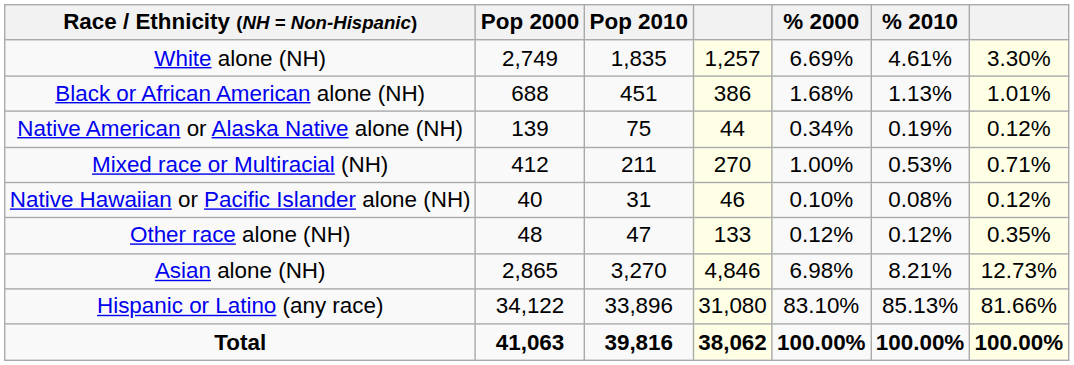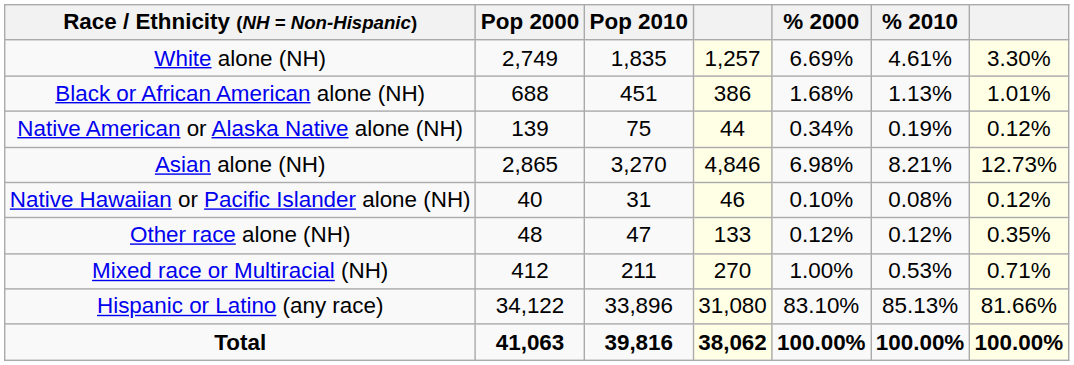 <table class="wikitable" style="text-align:center;">
 <tr>
 <th>Race / Ethnicity <small>(<em>NH = Non-Hispanic</em>)</small></th>
 <th>Pop 2000</th>
 <th>Pop 2010</th>
 <th></th>
 <th>% 2000</th>
 <th>% 2010</th>
 <th></th>
 </tr>
 <tr>
 <td><a href='#'>White</a> alone (NH)</td>
 <td>2,749</td>
 <td>1,835</td>
 <td style='background: #ffffe6;'>1,257</td>
 <td>6.69%</td>
 <td>4.61%</td>
 <td style='background: #ffffe6;'>3.30%</td>
 </tr>
 <tr>
 <td><a href='#'>Black or African American</a> alone (NH)</td>
 <td>688</td>
 <td>451</td>
 <td style='background: #ffffe6;'>386</td>
 <td>1.68%</td>
 <td>1.13%</td>
 <td style='background: #ffffe6;'>1.01%</td>
 </tr>
 <tr>
 <td><a href='#'>Native American</a> or <a href='#'>Alaska Native</a> alone (NH)</td>
 <td>139</td>
 <td>75</td>
 <td style='background: #ffffe6;'>44</td>
 <td>0.34%</td>
 <td>0.19%</td>
 <td style='background: #ffffe6;'>0.12%</td>
 </tr>
 <tr>
-<td><a href='#'>Mixed race or Multiracial</a> (NH)</td>
-<td>412</td>
-<td>211</td>
-<td style='background: #ffffe6;'>270</td>
-<td>1.00%</td>
-<td>0.53%</td>
-<td style='background: #ffffe6;'>0.71%</td>
+<td><a href='#'>Asian</a> alone (NH)</td>
+<td>2,865</td>
+<td>3,270</td>
+<td style='background: #ffffe6;'>4,846</td>
+<td>6.98%</td>
+<td>8.21%</td>
+<td style='background: #ffffe6;'>12.73%</td>
 </tr>
 <tr>
 <td><a href='#'>Native Hawaiian</a> or <a href='#'>Pacific Islander</a> alone (NH)</td>
 <td>40</td>
 <td>31</td>
 <td style='background: #ffffe6;'>46</td>
 <td>0.10%</td>
 <td>0.08%</td>
 <td style='background: #ffffe6;'>0.12%</td>
 </tr>
 <tr>
 <td><a href='#'>Other race</a> alone (NH)</td>
 <td>48</td>
 <td>47</td>
 <td style='background: #ffffe6;'>133</td>
 <td>0.12%</td>
 <td>0.12%</td>
 <td style='background: #ffffe6;'>0.35%</td>
 </tr>
 <tr>
-<td><a href='#'>Asian</a> alone (NH)</td>
-<td>2,865</td>
-<td>3,270</td>
-<td style='background: #ffffe6;'>4,846</td>
-<td>6.98%</td>
-<td>8.21%</td>
-<td style='background: #ffffe6;'>12.73%</td>
+<td><a href='#'>Mixed race or Multiracial</a> (NH)</td>
+<td>412</td>
+<td>211</td>
+<td style='background: #ffffe6;'>270</td>
+<td>1.00%</td>
+<td>0.53%</td>
+<td style='background: #ffffe6;'>0.71%</td>
 </tr>
 <tr>
 <td><a href='#'>Hispanic or Latino</a> (any race)</td>
 <td>34,122</td>
 <td>33,896</td>
 <td style='background: #ffffe6;'>31,080</td>
 <td>83.10%</td>
 <td>85.13%</td>
 <td style='background: #ffffe6;'>81.66%</td>
 </tr>
 <tr>
 <td><strong>Total</strong></td>
 <td><strong>41,063</strong></td>
 <td><strong>39,816</strong></td>
 <td style='background: #ffffe6;'><strong>38,062</strong></td>
 <td><strong>100.00%</strong></td>
 <td><strong>100.00%</strong></td>
 <td style='background: #ffffe6;'><strong>100.00%</strong></td>
 </tr>
 </table>
